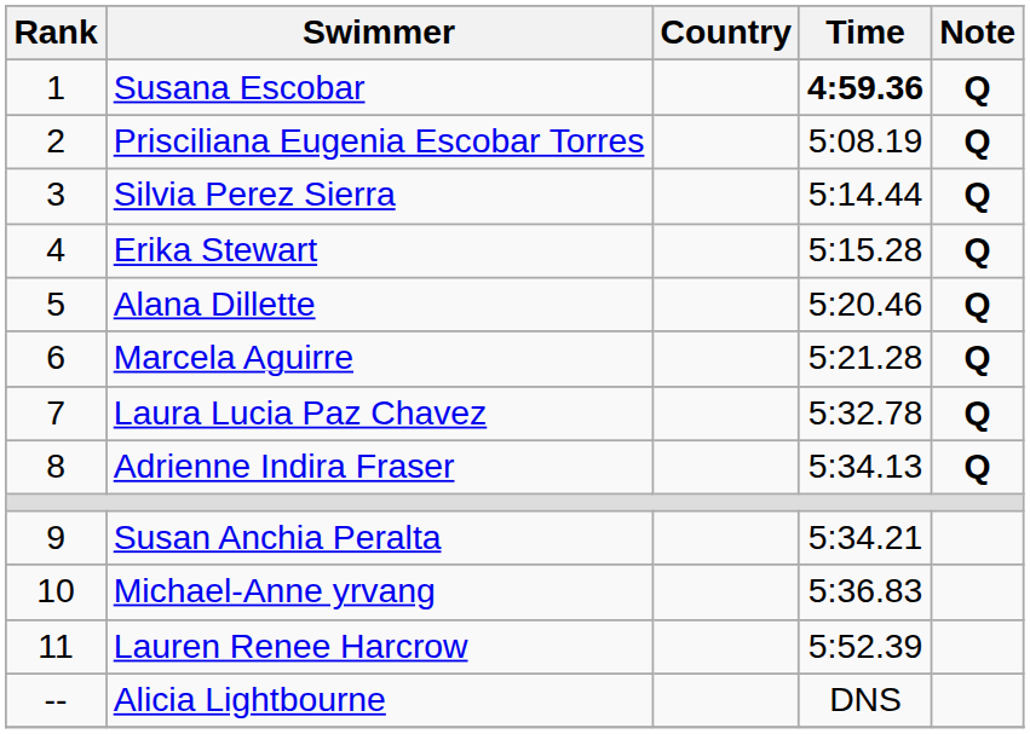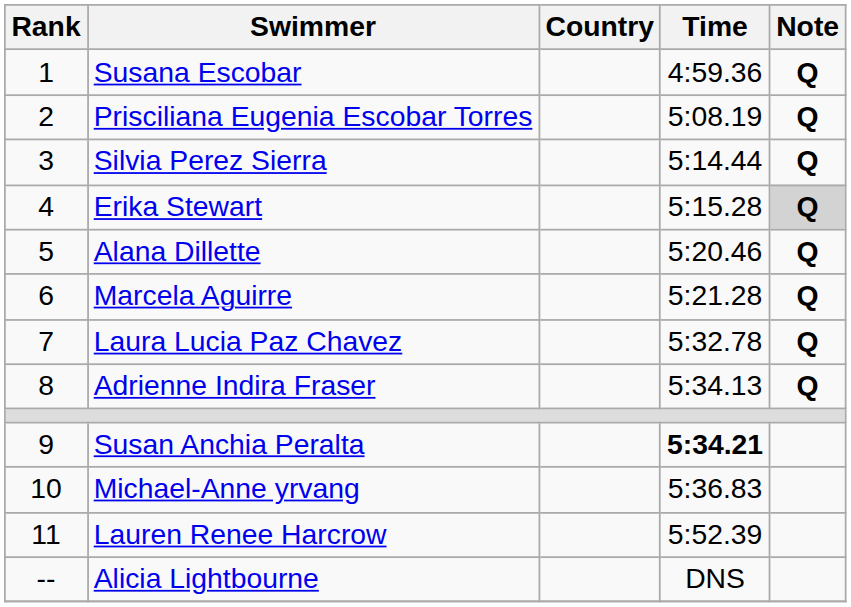 <table class="wikitable" style="text-align:center">
 <tr>
 <th>Rank</th>
 <th>Swimmer</th>
 <th>Country</th>
 <th>Time</th>
 <th>Note</th>
 </tr>
 <tr>
 <td>1</td>
 <td align=left><a href='#'>Susana Escobar</a></td>
 <td align=left></td>
-<td><strong>4:59.36</strong></td>
+<td>4:59.36</td>
 <td><strong>Q</strong></td>
 </tr>
 <tr>
 <td>2</td>
 <td align=left><a href='#'>Prisciliana Eugenia Escobar Torres</a></td>
 <td align=left></td>
 <td>5:08.19</td>
 <td><strong>Q</strong></td>
 </tr>
 <tr>
 <td>3</td>
 <td align=left><a href='#'>Silvia Perez Sierra</a></td>
 <td align=left></td>
 <td>5:14.44</td>
 <td><strong>Q</strong></td>
 </tr>
 <tr>
 <td>4</td>
 <td align=left><a href='#'>Erika Stewart</a></td>
 <td align=left></td>
 <td>5:15.28</td>
-<td><strong>Q</strong></td>
+<td style="background: lightgrey;"><strong>Q</strong></td>
 </tr>
 <tr>
 <td>5</td>
 <td align=left><a href='#'>Alana Dillette</a></td>
 <td align=left></td>
 <td>5:20.46</td>
 <td><strong>Q</strong></td>
 </tr>
 <tr>
 <td>6</td>
 <td align=left><a href='#'>Marcela Aguirre</a></td>
 <td align=left></td>
 <td>5:21.28</td>
 <td><strong>Q</strong></td>
 </tr>
 <tr>
 <td>7</td>
 <td align=left><a href='#'>Laura Lucia Paz Chavez</a></td>
 <td align=left></td>
 <td>5:32.78</td>
 <td><strong>Q</strong></td>
 </tr>
 <tr>
 <td>8</td>
 <td align=left><a href='#'>Adrienne Indira Fraser</a></td>
 <td align=left></td>
 <td>5:34.13</td>
 <td><strong>Q</strong></td>
 </tr>
 <tr bgcolor=#DDDDDD>
 <td colspan=5></td>
 </tr>
 <tr>
 <td>9</td>
 <td align=left><a href='#'>Susan Anchia Peralta</a></td>
 <td align=left></td>
-<td>5:34.21</td>
+<td><strong>5:34.21</strong></td>
 <td></td>
 </tr>
 <tr>
 <td>10</td>
 <td align=left><a href='#'>Michael-Anne yrvang</a></td>
 <td align=left></td>
 <td>5:36.83</td>
 <td></td>
 </tr>
 <tr>
 <td>11</td>
 <td align=left><a href='#'>Lauren Renee Harcrow</a></td>
 <td align=left></td>
 <td>5:52.39</td>
 <td></td>
 </tr>
 <tr>
 <td>--</td>
 <td align=left><a href='#'>Alicia Lightbourne</a></td>
 <td align=left></td>
 <td>DNS</td>
 <td></td>
 </tr>
 <tr>
 </tr>
 </table>
